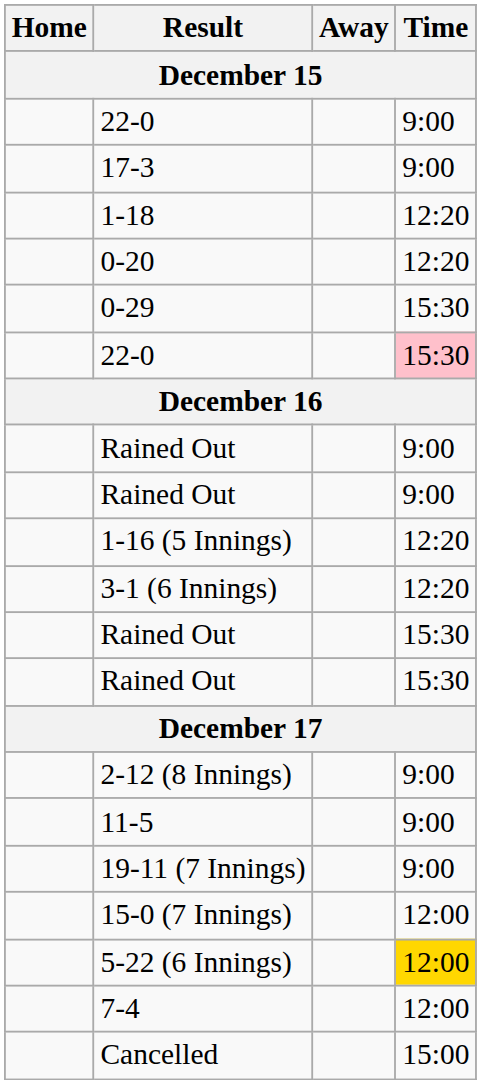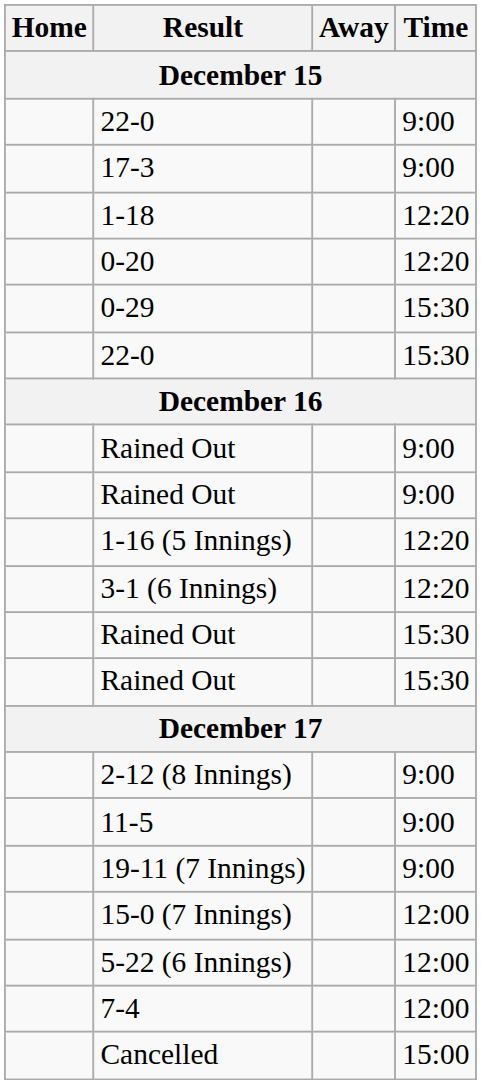 <table class="wikitable">
 <tr>
 <th>Home</th>
 <th>Result</th>
 <th>Away</th>
 <th>Time</th>
 </tr>
 <tr>
 <th colspan="7">December 15</th>
 </tr>
 <tr>
 <td><strong></strong></td>
 <td>22-0</td>
 <td></td>
 <td>9:00</td>
 </tr>
 <tr>
 <td><strong></strong></td>
 <td>17-3</td>
 <td></td>
 <td>9:00</td>
 </tr>
 <tr>
 <td></td>
 <td>1-18</td>
 <td><strong></strong></td>
 <td>12:20</td>
 </tr>
 <tr>
 <td></td>
 <td>0-20</td>
 <td><strong></strong></td>
 <td>12:20</td>
 </tr>
 <tr>
 <td></td>
 <td>0-29</td>
 <td><strong></strong></td>
 <td>15:30</td>
 </tr>
 <tr>
 <td><strong></strong></td>
 <td>22-0</td>
 <td></td>
-<td style="background: pink;">15:30</td>
+<td>15:30</td>
 </tr>
 <tr>
 <th colspan="7">December 16</th>
 </tr>
 <tr>
 <td></td>
 <td>Rained Out</td>
 <td></td>
 <td>9:00</td>
 </tr>
 <tr>
 <td></td>
 <td>Rained Out</td>
 <td></td>
 <td>9:00</td>
 </tr>
 <tr>
 <td></td>
 <td>1-16 (5 Innings)</td>
 <td><strong></strong></td>
 <td>12:20</td>
 </tr>
 <tr>
 <td><strong></strong></td>
 <td>3-1 (6 Innings)</td>
 <td></td>
 <td>12:20</td>
 </tr>
 <tr>
 <td></td>
 <td>Rained Out</td>
 <td></td>
 <td>15:30</td>
 </tr>
 <tr>
 <td></td>
 <td>Rained Out</td>
 <td></td>
 <td>15:30</td>
 </tr>
 <tr>
 <th colspan="7">December 17</th>
 </tr>
 <tr>
 <td></td>
 <td>2-12 (8 Innings)</td>
 <td><strong></strong></td>
 <td>9:00</td>
 </tr>
 <tr>
 <td><strong></strong></td>
 <td>11-5</td>
 <td></td>
 <td>9:00</td>
 </tr>
 <tr>
 <td><strong></strong></td>
 <td>19-11 (7 Innings)</td>
 <td></td>
 <td>9:00</td>
 </tr>
 <tr>
 <td><strong></strong></td>
 <td>15-0 (7 Innings)</td>
 <td></td>
 <td>12:00</td>
 </tr>
 <tr>
 <td></td>
 <td>5-22 (6 Innings)</td>
 <td><strong></strong></td>
-<td style="background: gold;">12:00</td>
+<td>12:00</td>
 </tr>
 <tr>
 <td><strong></strong></td>
 <td>7-4</td>
 <td></td>
 <td>12:00</td>
 </tr>
 <tr>
 <td></td>
 <td>Cancelled</td>
 <td></td>
 <td>15:00</td>
 </tr>
 </table>
